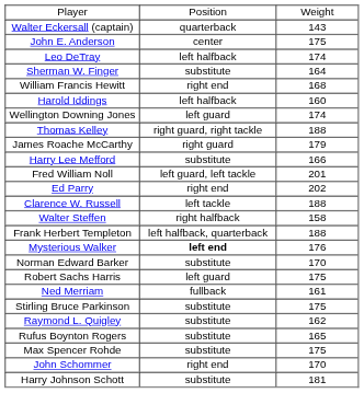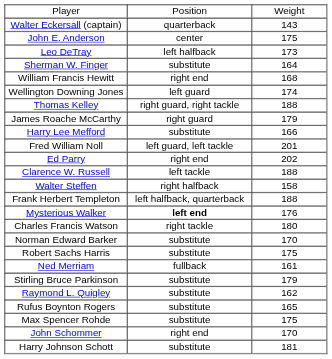 <table cellpadding="1" border="1" cellspacing="0" width="60%" style="text-align:center;">
 <tr>
 <td>Player</td>
 <td>Position</td>
 <td>Weight</td>
 </tr>
 <tr align="center" bgcolor="">
 <td><a href='#'>Walter Eckersall</a> (captain)</td>
 <td>quarterback</td>
 <td>143</td>
 </tr>
 <tr align="center" bgcolor="">
 <td><a href='#'>John E. Anderson</a></td>
 <td>center</td>
 <td>175</td>
 </tr>
 <tr align="center" bgcolor="">
 <td><a href='#'>Leo DeTray</a></td>
 <td>left halfback</td>
-<td>174</td>
+<td>173</td>
 </tr>
 <tr align="center" bgcolor="">
 <td><a href='#'>Sherman W. Finger</a></td>
 <td>substitute</td>
 <td>164</td>
 </tr>
 <tr align="center" bgcolor="">
 <td>William Francis Hewitt</td>
 <td>right end</td>
 <td>168</td>
-</tr>
-<tr align="center" bgcolor="">
-<td><a href='#'>Harold Iddings</a></td>
-<td>left halfback</td>
-<td>160</td>
 </tr>
 <tr align="center" bgcolor="">
 <td>Wellington Downing Jones</td>
 <td>left guard</td>
 <td>174</td>
 </tr>
 <tr align="center" bgcolor="">
 <td><a href='#'>Thomas Kelley</a></td>
 <td>right guard, right tackle</td>
 <td>188</td>
 </tr>
 <tr align="center" bgcolor="">
 <td>James Roache McCarthy</td>
 <td>right guard</td>
 <td>179</td>
 </tr>
 <tr align="center" bgcolor="">
 <td><a href='#'>Harry Lee Mefford</a></td>
 <td>substitute</td>
 <td>166</td>
 </tr>
 <tr align="center" bgcolor="">
 <td width="250">Fred William Noll</td>
 <td width="250">left guard, left tackle</td>
 <td width="150">201</td>
 </tr>
 <tr align="center" bgcolor="">
 <td><a href='#'>Ed Parry</a></td>
 <td>right end</td>
 <td>202</td>
 </tr>
 <tr align="center" bgcolor="">
 <td><a href='#'>Clarence W. Russell</a></td>
 <td>left tackle</td>
 <td>188</td>
 </tr>
 <tr align="center" bgcolor="">
 <td><a href='#'>Walter Steffen</a></td>
 <td>right halfback</td>
 <td>158</td>
 </tr>
 <tr align="center" bgcolor="">
 <td>Frank Herbert Templeton</td>
 <td>left halfback, quarterback</td>
 <td>188</td>
 </tr>
 <tr align="center" bgcolor="">
 <td><a href='#'>Mysterious Walker</a></td>
 <td><strong>left end</strong></td>
 <td>176</td>
 </tr>
 <tr align="center" bgcolor="">
+<td>Charles Francis Watson</td>
+<td>right tackle</td>
+<td>180</td>
+</tr>
+<tr align="center" bgcolor="">
 <td>Norman Edward Barker</td>
 <td>substitute</td>
 <td>170</td>
 </tr>
 <tr align="center" bgcolor="">
 <td>Robert Sachs Harris</td>
-<td>left guard</td>
+<td>substitute</td>
 <td>175</td>
 </tr>
 <tr align="center" bgcolor="">
 <td><a href='#'>Ned Merriam</a></td>
 <td>fullback</td>
 <td>161</td>
 </tr>
 <tr align="center" bgcolor="">
 <td>Stirling Bruce Parkinson</td>
 <td>substitute</td>
-<td>175</td>
+<td>179</td>
 </tr>
 <tr align="center" bgcolor="">
 <td><a href='#'>Raymond L. Quigley</a></td>
 <td>substitute</td>
 <td>162</td>
 </tr>
 <tr align="center" bgcolor="">
 <td>Rufus Boynton Rogers</td>
 <td>substitute</td>
 <td>165</td>
 </tr>
 <tr align="center" bgcolor="">
 <td>Max Spencer Rohde</td>
 <td>substitute</td>
 <td>175</td>
 </tr>
 <tr align="center" bgcolor="">
 <td><a href='#'>John Schommer</a></td>
 <td>right end</td>
 <td>170</td>
 </tr>
 <tr align="center" bgcolor="">
 <td>Harry Johnson Schott</td>
 <td>substitute</td>
 <td>181</td>
 </tr>
 <tr align="center" bgcolor="">
 </tr>
 </table>
